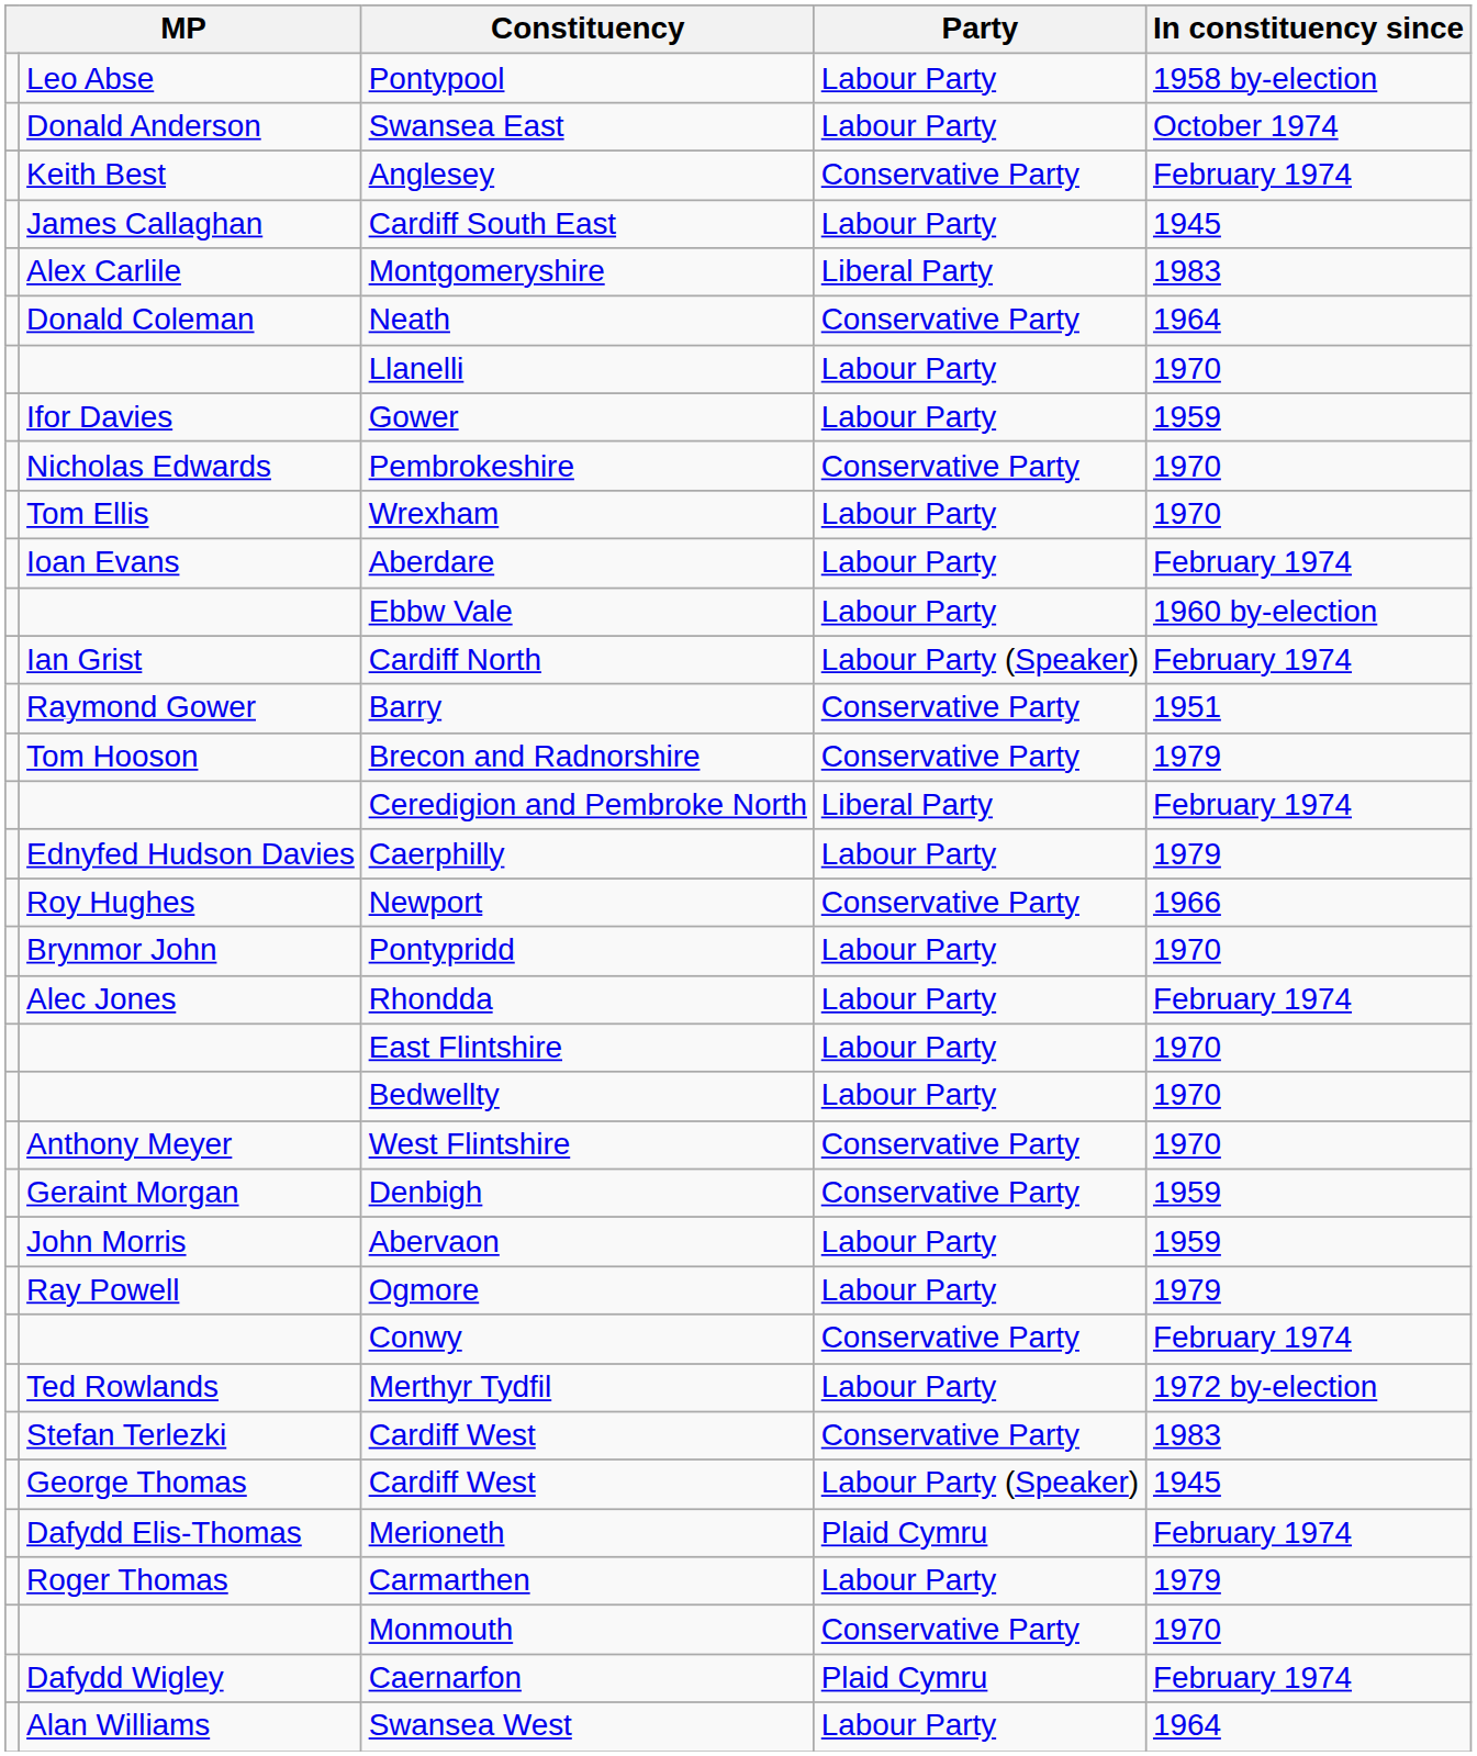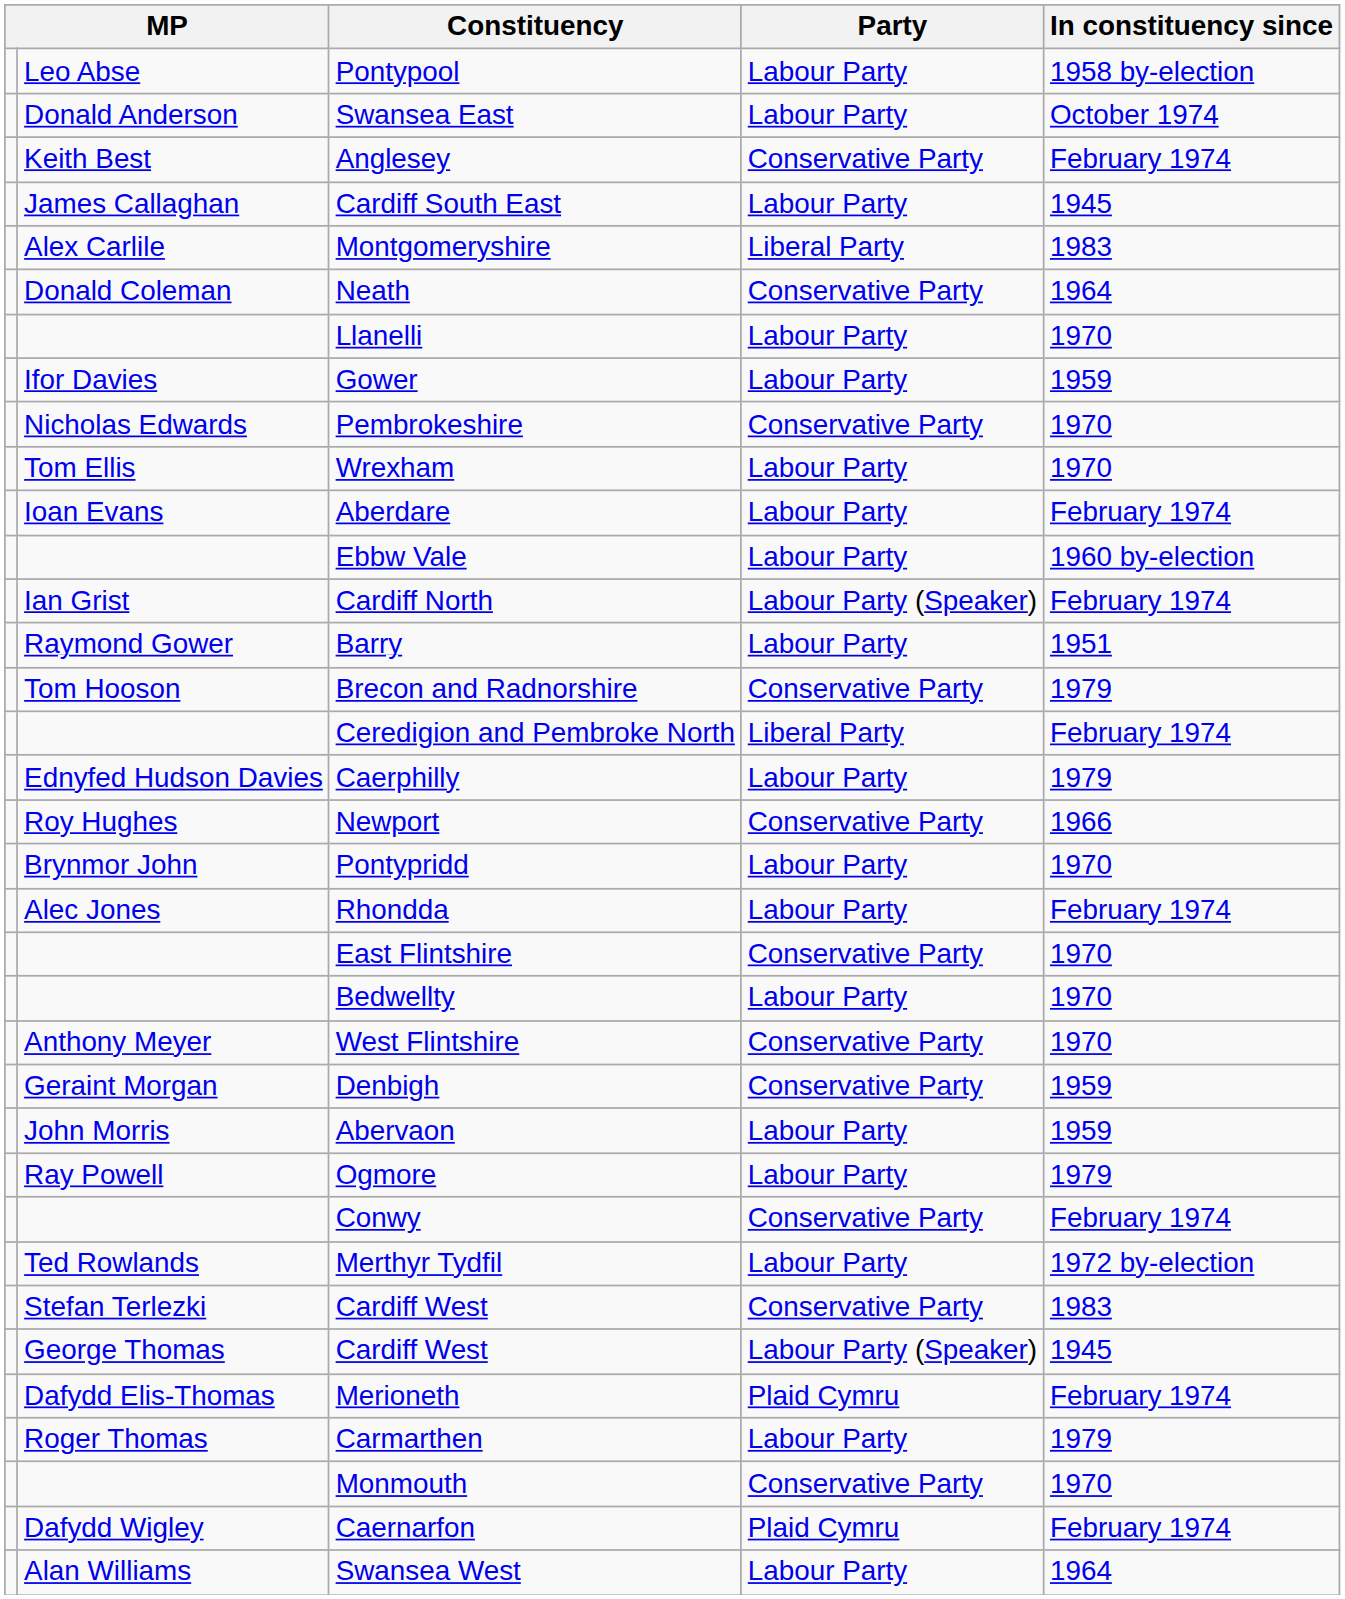 <table class="wikitable sortable">
 <tr>
 <th colspan="2">MP</th>
 <th>Constituency</th>
 <th>Party</th>
 <th>In constituency since</th>
 </tr>
 <tr>
 <td style="color:inherit;background-color: "></td>
 <td><a href='#'>Leo Abse</a></td>
 <td><a href='#'>Pontypool</a></td>
 <td><a href='#'>Labour Party</a></td>
 <td><a href='#'>1958 by-election</a></td>
 </tr>
 <tr>
 <td style="color:inherit;background-color: "></td>
 <td><a href='#'>Donald Anderson</a></td>
 <td><a href='#'>Swansea East</a></td>
 <td><a href='#'>Labour Party</a></td>
 <td><a href='#'>October 1974</a></td>
 </tr>
 <tr>
 <td style="color:inherit;background-color: "></td>
 <td><a href='#'>Keith Best</a></td>
 <td><a href='#'>Anglesey</a></td>
 <td><a href='#'>Conservative Party</a></td>
 <td><a href='#'>February 1974</a></td>
 </tr>
 <tr>
 <td style="color:inherit;background-color: "></td>
 <td><a href='#'>James Callaghan</a></td>
 <td><a href='#'>Cardiff South East</a></td>
 <td><a href='#'>Labour Party</a></td>
 <td><a href='#'>1945</a></td>
 </tr>
 <tr>
 <td style="color:inherit;background:"></td>
 <td><a href='#'>Alex Carlile</a></td>
 <td><a href='#'>Montgomeryshire</a></td>
 <td><a href='#'>Liberal Party</a></td>
 <td><a href='#'>1983</a></td>
 </tr>
 <tr>
 <td style="color:inherit;background-color: "></td>
 <td><a href='#'>Donald Coleman</a></td>
 <td><a href='#'>Neath</a></td>
 <td><a href='#'>Conservative Party</a></td>
 <td><a href='#'>1964</a></td>
 </tr>
 <tr>
 <td style="color:inherit;background-color: "></td>
 <td></td>
 <td><a href='#'>Llanelli</a></td>
 <td><a href='#'>Labour Party</a></td>
 <td><a href='#'>1970</a></td>
 </tr>
 <tr>
 <td style="color:inherit;background-color: "></td>
 <td><a href='#'>Ifor Davies</a></td>
 <td><a href='#'>Gower</a></td>
 <td><a href='#'>Labour Party</a></td>
 <td><a href='#'>1959</a></td>
 </tr>
 <tr>
 <td style="color:inherit;background-color: "></td>
 <td><a href='#'>Nicholas Edwards</a></td>
 <td><a href='#'>Pembrokeshire</a></td>
 <td><a href='#'>Conservative Party</a></td>
 <td><a href='#'>1970</a></td>
 </tr>
 <tr>
 <td style="color:inherit;background-color: "></td>
 <td><a href='#'>Tom Ellis</a></td>
 <td><a href='#'>Wrexham</a></td>
 <td><a href='#'>Labour Party</a></td>
 <td><a href='#'>1970</a></td>
 </tr>
 <tr>
 <td style="color:inherit;background-color: "></td>
 <td><a href='#'>Ioan Evans</a></td>
 <td><a href='#'>Aberdare</a></td>
 <td><a href='#'>Labour Party</a></td>
 <td><a href='#'>February 1974</a></td>
 </tr>
 <tr>
 <td style="color:inherit;background-color: "></td>
 <td></td>
 <td><a href='#'>Ebbw Vale</a></td>
 <td><a href='#'>Labour Party</a></td>
 <td><a href='#'>1960 by-election</a></td>
 </tr>
 <tr>
 <td style="color:inherit;background-color: "></td>
 <td><a href='#'>Ian Grist</a></td>
 <td><a href='#'>Cardiff North</a></td>
 <td><a href='#'>Labour Party</a> (<a href='#'>Speaker</a>)</td>
 <td><a href='#'>February 1974</a></td>
 </tr>
 <tr>
 <td style="color:inherit;background-color: "></td>
 <td><a href='#'>Raymond Gower</a></td>
 <td><a href='#'>Barry</a></td>
-<td><a href='#'>Conservative Party</a></td>
+<td><a href='#'>Labour Party</a></td>
 <td><a href='#'>1951</a></td>
 </tr>
 <tr>
 <td style="color:inherit;background-color: "></td>
 <td><a href='#'>Tom Hooson</a></td>
 <td><a href='#'>Brecon and Radnorshire</a></td>
 <td><a href='#'>Conservative Party</a></td>
 <td><a href='#'>1979</a></td>
 </tr>
 <tr>
 <td style="color:inherit;background-color: "></td>
 <td></td>
 <td><a href='#'>Ceredigion and Pembroke North</a></td>
 <td><a href='#'>Liberal Party</a></td>
 <td><a href='#'>February 1974</a></td>
 </tr>
 <tr>
 <td style="color:inherit;background-color: "></td>
 <td><a href='#'>Ednyfed Hudson Davies</a></td>
 <td><a href='#'>Caerphilly</a></td>
 <td><a href='#'>Labour Party</a></td>
 <td><a href='#'>1979</a></td>
 </tr>
 <tr>
 <td style="color:inherit;background-color: "></td>
 <td><a href='#'>Roy Hughes</a></td>
 <td><a href='#'>Newport</a></td>
 <td><a href='#'>Conservative Party</a></td>
 <td><a href='#'>1966</a></td>
 </tr>
 <tr>
 <td style="color:inherit;background-color: "></td>
 <td><a href='#'>Brynmor John</a></td>
 <td><a href='#'>Pontypridd</a></td>
 <td><a href='#'>Labour Party</a></td>
 <td><a href='#'>1970</a></td>
 </tr>
 <tr>
 <td style="color:inherit;background-color: "></td>
 <td><a href='#'>Alec Jones</a></td>
 <td><a href='#'>Rhondda</a></td>
 <td><a href='#'>Labour Party</a></td>
 <td><a href='#'>February 1974</a></td>
 </tr>
 <tr>
 <td style="color:inherit;background-color: "></td>
 <td></td>
 <td><a href='#'>East Flintshire</a></td>
-<td><a href='#'>Labour Party</a></td>
+<td><a href='#'>Conservative Party</a></td>
 <td><a href='#'>1970</a></td>
 </tr>
 <tr>
 <td style="color:inherit;background-color: "></td>
 <td></td>
 <td><a href='#'>Bedwellty</a></td>
 <td><a href='#'>Labour Party</a></td>
 <td><a href='#'>1970</a></td>
 </tr>
 <tr>
 <td style="color:inherit;background-color: "></td>
 <td><a href='#'>Anthony Meyer</a></td>
 <td><a href='#'>West Flintshire</a></td>
 <td><a href='#'>Conservative Party</a></td>
 <td><a href='#'>1970</a></td>
 </tr>
 <tr>
 <td style="color:inherit;background-color: "></td>
 <td><a href='#'>Geraint Morgan</a></td>
 <td><a href='#'>Denbigh</a></td>
 <td><a href='#'>Conservative Party</a></td>
 <td><a href='#'>1959</a></td>
 </tr>
 <tr>
 <td style="color:inherit;background-color: "></td>
 <td><a href='#'>John Morris</a></td>
 <td><a href='#'>Abervaon</a></td>
 <td><a href='#'>Labour Party</a></td>
 <td><a href='#'>1959</a></td>
 </tr>
 <tr>
 <td style="color:inherit;background-color: "></td>
 <td><a href='#'>Ray Powell</a></td>
 <td><a href='#'>Ogmore</a></td>
 <td><a href='#'>Labour Party</a></td>
 <td><a href='#'>1979</a></td>
 </tr>
 <tr>
 <td style="color:inherit;background-color: "></td>
 <td></td>
 <td><a href='#'>Conwy</a></td>
 <td><a href='#'>Conservative Party</a></td>
 <td><a href='#'>February 1974</a></td>
 </tr>
 <tr>
 <td style="color:inherit;background-color: "></td>
 <td><a href='#'>Ted Rowlands</a></td>
 <td><a href='#'>Merthyr Tydfil</a></td>
 <td><a href='#'>Labour Party</a></td>
 <td><a href='#'>1972 by-election</a></td>
 </tr>
 <tr>
 <td style="color:inherit;background-color: "></td>
 <td><a href='#'>Stefan Terlezki</a></td>
 <td><a href='#'>Cardiff West</a></td>
 <td><a href='#'>Conservative Party</a></td>
 <td><a href='#'>1983</a></td>
 </tr>
 <tr>
 <td></td>
 <td><a href='#'>George Thomas</a></td>
 <td><a href='#'>Cardiff West</a></td>
 <td><a href='#'>Labour Party</a> (<a href='#'>Speaker</a>)</td>
 <td><a href='#'>1945</a></td>
 </tr>
 <tr>
 <td style="color:inherit;background-color: "></td>
 <td><a href='#'>Dafydd Elis-Thomas</a></td>
 <td><a href='#'>Merioneth</a></td>
 <td><a href='#'>Plaid Cymru</a></td>
 <td><a href='#'>February 1974</a></td>
 </tr>
 <tr>
 <td style="color:inherit;background-color: "></td>
 <td><a href='#'>Roger Thomas</a></td>
 <td><a href='#'>Carmarthen</a></td>
 <td><a href='#'>Labour Party</a></td>
 <td><a href='#'>1979</a></td>
 </tr>
 <tr>
 <td style="color:inherit;background-color: "></td>
 <td></td>
 <td><a href='#'>Monmouth</a></td>
 <td><a href='#'>Conservative Party</a></td>
 <td><a href='#'>1970</a></td>
 </tr>
 <tr>
 <td style="color:inherit;background-color: "></td>
 <td><a href='#'>Dafydd Wigley</a></td>
 <td><a href='#'>Caernarfon</a></td>
 <td><a href='#'>Plaid Cymru</a></td>
 <td><a href='#'>February 1974</a></td>
 </tr>
 <tr>
 <td style="color:inherit;background-color: "></td>
 <td><a href='#'>Alan Williams</a></td>
 <td><a href='#'>Swansea West</a></td>
 <td><a href='#'>Labour Party</a></td>
 <td><a href='#'>1964</a></td>
 </tr>
 </table>
